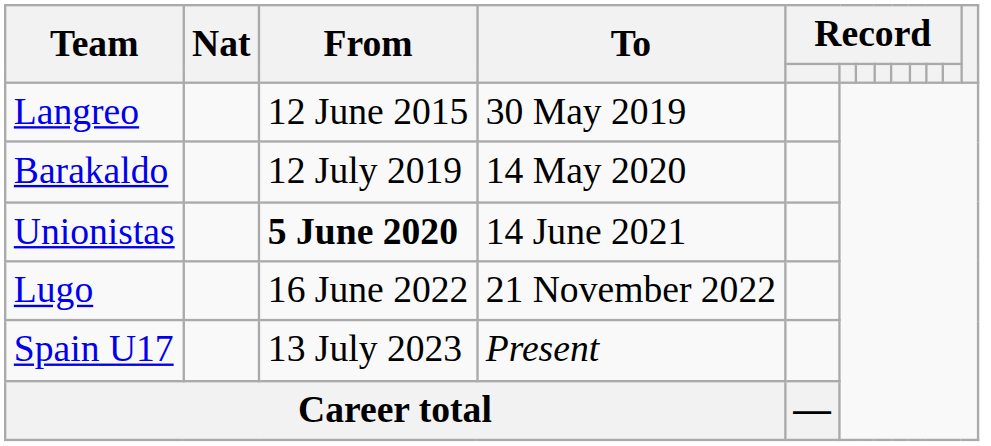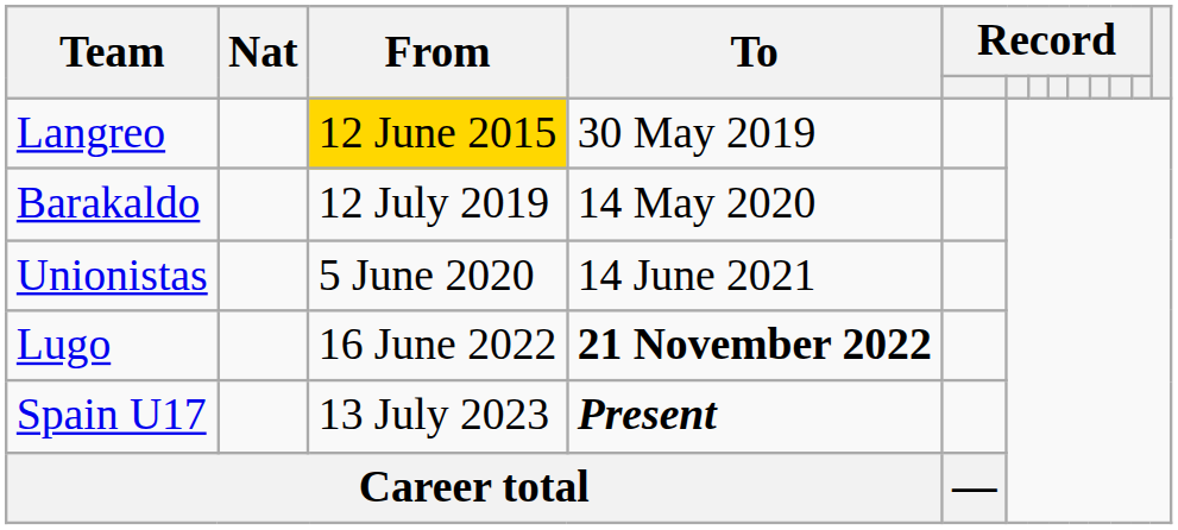 <table class="wikitable" style="text-align: center">
 <tr>
 <th rowspan="2">Team</th>
 <th rowspan="2">Nat</th>
 <th rowspan="2">From</th>
 <th rowspan="2">To</th>
 <th colspan="8">Record</th>
 <th rowspan=2></th>
 </tr>
 <tr>
 <th></th>
 <th></th>
 <th></th>
 <th></th>
 <th></th>
 <th></th>
 <th></th>
 <th></th>
 </tr>
 <tr>
 <td align="left"><a href='#'>Langreo</a></td>
 <td></td>
-<td align=left>12 June 2015</td>
+<td align=left style="background: gold;">12 June 2015</td>
 <td align=left>30 May 2019<br></td>
 <td></td>
 </tr>
 <tr>
 <td align="left"><a href='#'>Barakaldo</a></td>
 <td></td>
 <td align=left>12 July 2019</td>
 <td align=left>14 May 2020<br></td>
 <td></td>
 </tr>
 <tr>
 <td align="left"><a href='#'>Unionistas</a></td>
 <td></td>
-<td align=left><strong>5 June 2020</strong></td>
+<td align=left>5 June 2020</td>
 <td align=left>14 June 2021<br></td>
 <td></td>
 </tr>
 <tr>
 <td align="left"><a href='#'>Lugo</a></td>
 <td></td>
 <td align=left>16 June 2022</td>
-<td align=left>21 November 2022<br></td>
+<td align=left><strong>21 November 2022<br></strong></td>
 <td></td>
 </tr>
 <tr>
 <td align="left"><a href='#'>Spain U17</a></td>
 <td></td>
 <td align=left>13 July 2023</td>
-<td align=left><em>Present</em><br></td>
+<td align=left><strong><em>Present</em><br></strong></td>
 <td></td>
 </tr>
 <tr>
 <th colspan=4><strong>Career total</strong><br></th>
 <th>—</th>
 </tr>
 </table>
